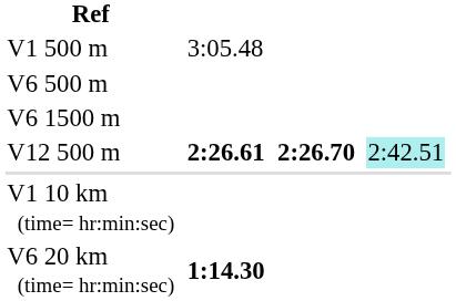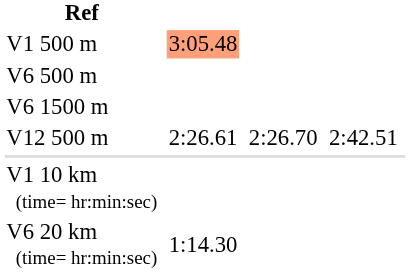 <table>
 <tr>
 <th>Ref</th>
 </tr>
 <tr>
 <td>V1 500 m</td>
 <td></td>
-<td>3:05.48</td>
+<td style="background: lightsalmon;">3:05.48</td>
 <td></td>
 <td></td>
 <td></td>
 <td></td>
 <td align=center></td>
 </tr>
 <tr>
 <td>V6 500 m</td>
 <td><br></td>
 <td></td>
 <td><br></td>
 <td></td>
 <td><br></td>
 <td></td>
 <td align=center></td>
 </tr>
 <tr>
 <td>V6 1500 m</td>
 <td><br></td>
 <td></td>
 <td><br></td>
 <td></td>
 <td><br></td>
 <td></td>
 <td align=center></td>
 </tr>
 <tr>
 <td>V12 500 m</td>
 <td><br></td>
-<td><strong>2:26.61</strong></td>
+<td>2:26.61</td>
 <td><br></td>
-<td><strong>2:26.70</strong></td>
+<td>2:26.70</td>
 <td><br></td>
-<td style="background: paleturquoise;">2:42.51</td>
+<td>2:42.51</td>
 <td align=center></td>
 </tr>
 <tr bgcolor=#DDDDDD>
 <td colspan=8></td>
 </tr>
 <tr>
 <td>V1 10 km<br><small>  (time= hr:min:sec)</small></td>
 <td></td>
 <td></td>
 <td></td>
 <td></td>
 <td></td>
 <td></td>
 <td align=center></td>
 </tr>
 <tr>
 <td>V6 20 km<br><small>  (time= hr:min:sec)</small></td>
 <td><br></td>
-<td><strong>1:14.30</strong></td>
+<td>1:14.30</td>
 <td><br></td>
 <td></td>
 <td><br></td>
 <td></td>
 <td align=center></td>
 </tr>
 </table>
